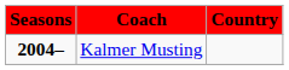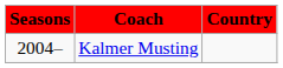 <table class="wikitable" style="text-align: center;">
 <tr>
 <th style="color:#000000; background:#FF0000">Seasons</th>
 <th style="color:#000000; background:#FF0000">Coach</th>
 <th style="color:#000000; background:#FF0000">Country</th>
 </tr>
 <tr>
-<td style="text-align: center"><strong>2004–</strong></td>
+<td style="text-align: center">2004–</td>
 <td style="text-align: center"><a href='#'>Kalmer Musting</a></td>
 <td style="text-align: center"></td>
 </tr>
 <tr>
 </tr>
 </table>
